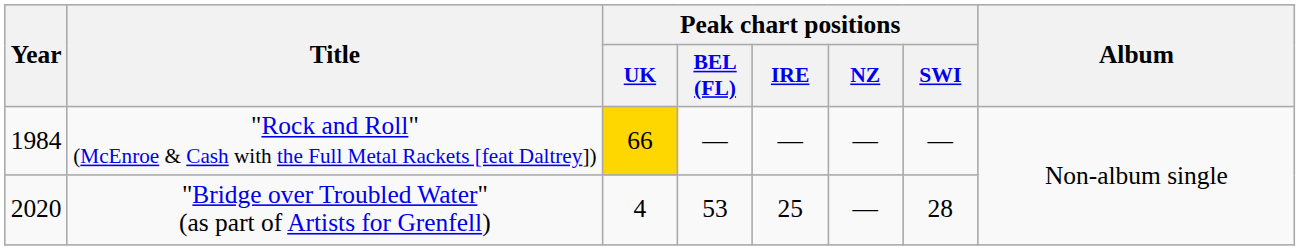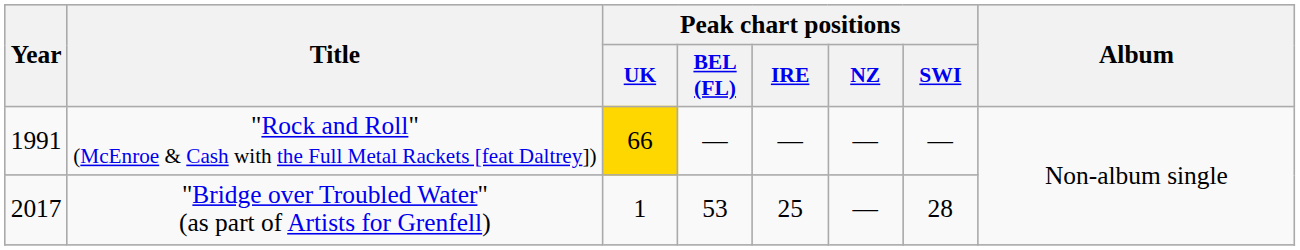 <table class="wikitable plainrowheaders" style="text-align:center;">
 <tr>
 <th scope="col" rowspan="2">Year</th>
 <th rowspan="2">Title</th>
 <th colspan="5" scope="col">Peak chart positions</th>
 <th scope="col" rowspan="2" style="width:12em;">Album</th>
 </tr>
 <tr>
 <th scope="col" style="width:3em;font-size:85%;"><a href='#'>UK</a></th>
 <th scope="col" style="width:3em;font-size:85%;"><a href='#'>BEL<br>(FL)</a></th>
 <th scope="col" style="width:3em;font-size:85%;"><a href='#'>IRE</a></th>
 <th scope="col" style="width:3em;font-size:85%;"><a href='#'>NZ</a></th>
 <th scope="col" style="width:3em;font-size:85%;"><a href='#'>SWI</a></th>
 </tr>
 <tr>
-<td>1984</td>
+<td>1991</td>
 <td>"<a href='#'>Rock and Roll</a>" <br><small>(<a href='#'>McEnroe</a> & <a href='#'>Cash</a> with <a href='#'>the Full Metal Rackets [feat Daltrey</a>])</small></td>
 <td style="background: gold;">66</td>
 <td>—</td>
 <td>—</td>
 <td>—</td>
 <td>—</td>
 <td rowspan="2">Non-album single</td>
 </tr>
 <tr>
-<td>2020</td>
+<td>2017</td>
 <td>"<a href='#'>Bridge over Troubled Water</a>"<br><span>(as part of <a href='#'>Artists for Grenfell</a>)</span></td>
-<td>4</td>
+<td>1</td>
 <td>53</td>
 <td>25</td>
 <td>— </td>
 <td>28</td>
 </tr>
 </table>
